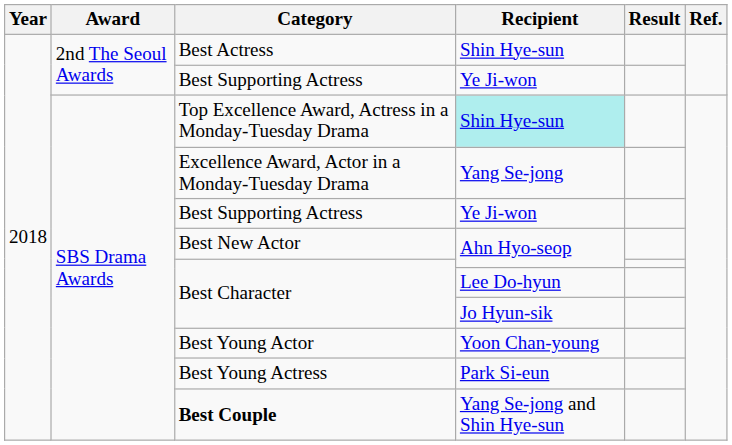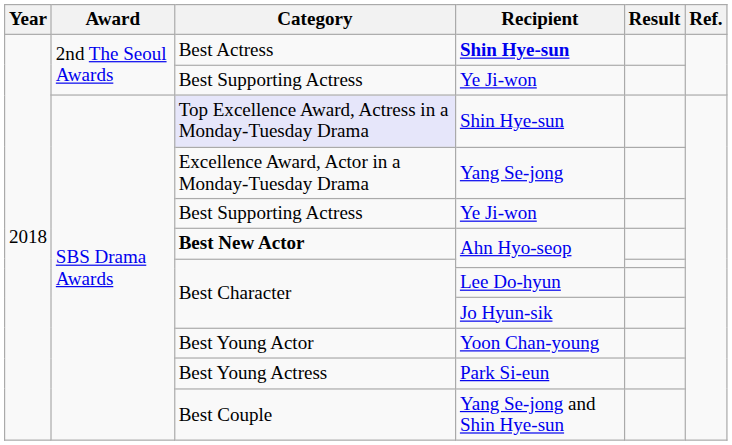 <table class="wikitable">
 <tr>
 <th>Year</th>
 <th>Award</th>
 <th>Category</th>
 <th>Recipient</th>
 <th>Result</th>
 <th>Ref.</th>
 </tr>
 <tr>
 <td rowspan="12">2018</td>
 <td rowspan="2">2nd <a href='#'>The Seoul Awards</a></td>
 <td>Best Actress</td>
-<td><a href='#'>Shin Hye-sun</a></td>
+<td><strong><a href='#'>Shin Hye-sun</a></strong></td>
 <td></td>
 <td rowspan="2"></td>
 </tr>
 <tr>
 <td>Best Supporting Actress</td>
 <td><a href='#'>Ye Ji-won</a></td>
 <td></td>
 </tr>
 <tr>
 <td rowspan="10"><a href='#'>SBS Drama Awards</a></td>
-<td>Top Excellence Award, Actress in a Monday-Tuesday Drama</td>
-<td style="background: paleturquoise;"><a href='#'>Shin Hye-sun</a></td>
+<td style="background: lavender;">Top Excellence Award, Actress in a Monday-Tuesday Drama</td>
+<td><a href='#'>Shin Hye-sun</a></td>
 <td></td>
 <td rowspan="10"></td>
 </tr>
 <tr>
 <td>Excellence Award, Actor in a Monday-Tuesday Drama</td>
 <td><a href='#'>Yang Se-jong</a></td>
 <td></td>
 </tr>
 <tr>
 <td>Best Supporting Actress</td>
 <td><a href='#'>Ye Ji-won</a></td>
 <td></td>
 </tr>
 <tr>
-<td>Best New Actor</td>
+<td><strong>Best New Actor</strong></td>
 <td rowspan="2"><a href='#'>Ahn Hyo-seop</a></td>
 <td></td>
 </tr>
 <tr>
 <td rowspan="3">Best Character</td>
 <td></td>
 </tr>
 <tr>
 <td><a href='#'>Lee Do-hyun</a></td>
 <td></td>
 </tr>
 <tr>
 <td><a href='#'>Jo Hyun-sik</a></td>
 <td></td>
 </tr>
 <tr>
 <td>Best Young Actor</td>
 <td><a href='#'>Yoon Chan-young</a></td>
 <td></td>
 </tr>
 <tr>
 <td>Best Young Actress</td>
 <td><a href='#'>Park Si-eun</a></td>
 <td></td>
 </tr>
 <tr>
-<td><strong>Best Couple</strong></td>
+<td>Best Couple</td>
 <td><a href='#'>Yang Se-jong</a> and <a href='#'>Shin Hye-sun</a></td>
 <td></td>
 </tr>
 </table>
